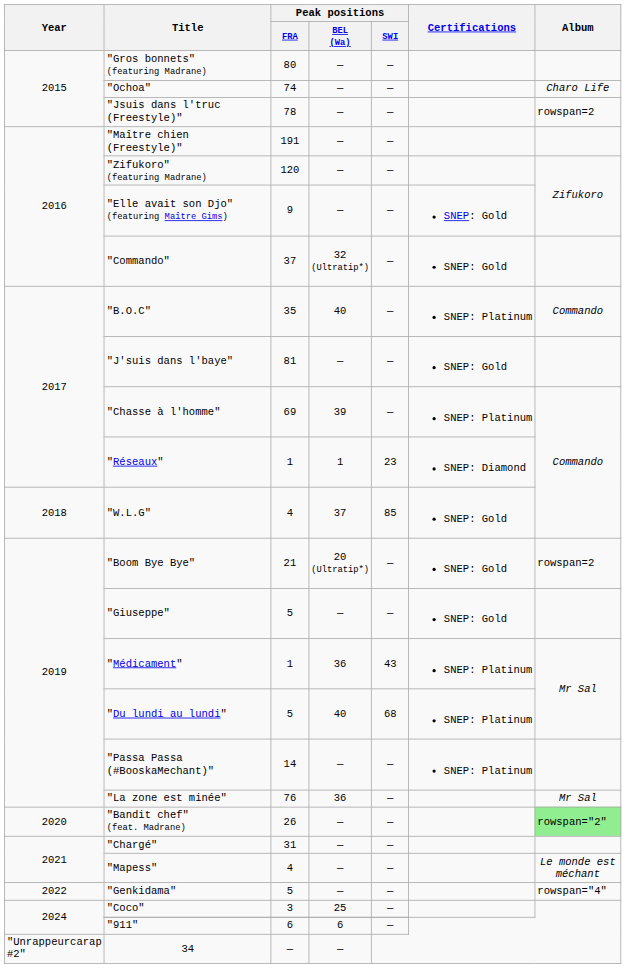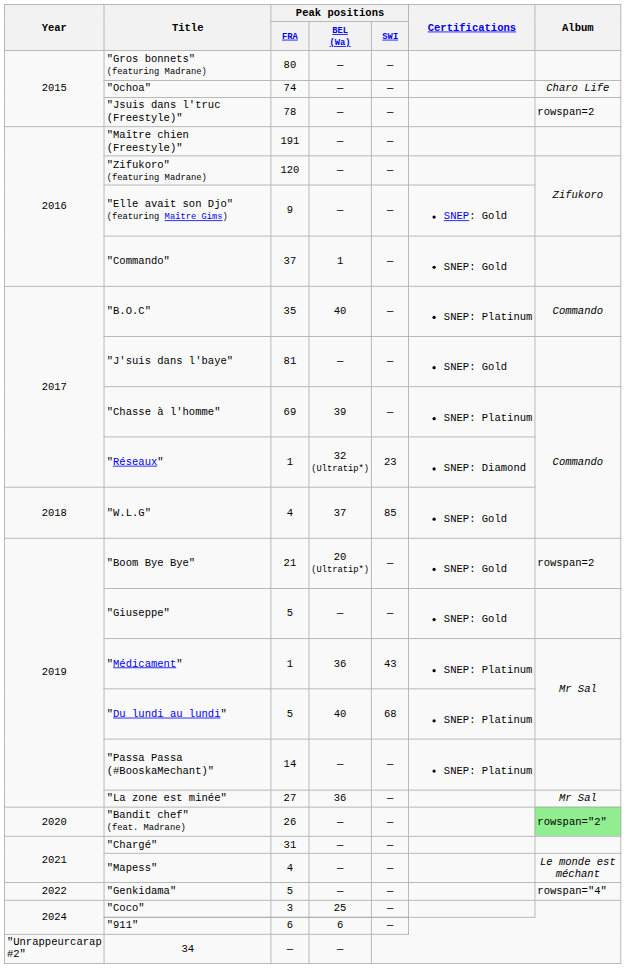 <table class="wikitable">
 <tr>
 <th rowspan="2" style="text-align:center; width:10px;">Year</th>
 <th rowspan="2" style="text-align:center; width:200px;">Title</th>
 <th style="text-align:center;" colspan="3">Peak positions</th>
 <th rowspan="2"><a href='#'>Certifications</a></th>
 <th rowspan="2" style="text-align:center; width:100px;">Album</th>
 </tr>
 <tr>
 <th width="40"><small><a href='#'>FRA</a></small><br></th>
 <th width="40"><small><a href='#'>BEL<br>(Wa)</a></small><br></th>
 <th width="40"><small><a href='#'>SWI</a></small><br></th>
 </tr>
 <tr>
 <td style="text-align:center;" rowspan=3>2015</td>
 <td>"Gros bonnets" <br><small>(featuring Madrane)</small></td>
 <td style="text-align:center;">80</td>
 <td style="text-align:center;">—</td>
 <td style="text-align:center;">—</td>
 <td></td>
 <td></td>
 </tr>
 <tr>
 <td>"Ochoa"</td>
 <td style="text-align:center;">74</td>
 <td style="text-align:center;">—</td>
 <td style="text-align:center;">—</td>
 <td></td>
 <td style="text-align:center;"><em>Charo Life</em></td>
 </tr>
 <tr>
 <td>"Jsuis dans l'truc (Freestyle)"</td>
 <td style="text-align:center;">78</td>
 <td style="text-align:center;">—</td>
 <td style="text-align:center;">—</td>
 <td></td>
 <td>rowspan=2 </td>
 </tr>
 <tr>
 <td style="text-align:center;" rowspan=4>2016</td>
 <td>"Maître chien (Freestyle)"</td>
 <td style="text-align:center;">191</td>
 <td style="text-align:center;">—</td>
 <td style="text-align:center;">—</td>
 <td></td>
 </tr>
 <tr>
 <td>"Zifukoro" <br><small>(featuring Madrane)</small></td>
 <td style="text-align:center;">120</td>
 <td style="text-align:center;">—</td>
 <td style="text-align:center;">—</td>
 <td></td>
 <td style="text-align:center;" rowspan=2><em>Zifukoro</em></td>
 </tr>
 <tr>
 <td>"Elle avait son Djo" <br><small>(featuring <a href='#'>Maître Gims</a>)</small></td>
 <td style="text-align:center;">9</td>
 <td style="text-align:center;">—</td>
 <td style="text-align:center;">—</td>
 <td><br><ul><li><a href='#'>SNEP</a>: Gold</li></ul></td>
 </tr>
 <tr>
 <td>"Commando"</td>
 <td style="text-align:center;">37</td>
-<td style="text-align:center;">32<br><small>(Ultratip*)</small></td>
+<td style="text-align:center;">1</td>
 <td style="text-align:center;">—</td>
 <td><br><ul><li>SNEP: Gold</li></ul></td>
 <td></td>
 </tr>
 <tr>
 <td style="text-align:center;" rowspan=4>2017</td>
 <td>"B.O.C"</td>
 <td style="text-align:center;">35</td>
 <td style="text-align:center;">40</td>
 <td style="text-align:center;">—</td>
 <td><br><ul><li>SNEP: Platinum</li></ul></td>
 <td style="text-align:center;"><em>Commando</em></td>
 </tr>
 <tr>
 <td>"J'suis dans l'baye"</td>
 <td style="text-align:center;">81</td>
 <td style="text-align:center;">—</td>
 <td style="text-align:center;">—</td>
 <td><br><ul><li>SNEP: Gold</li></ul></td>
 <td></td>
 </tr>
 <tr>
 <td>"Chasse à l'homme"</td>
 <td style="text-align:center;">69</td>
 <td style="text-align:center;">39</td>
 <td style="text-align:center;">—</td>
 <td><br><ul><li>SNEP: Platinum</li></ul></td>
 <td style="text-align:center;" rowspan=3><em>Commando</em></td>
 </tr>
 <tr>
 <td>"<a href='#'>Réseaux</a>"</td>
 <td style="text-align:center;">1</td>
-<td style="text-align:center;">1</td>
+<td style="text-align:center;">32<br><small>(Ultratip*)</small></td>
 <td style="text-align:center;">23</td>
 <td><br><ul><li>SNEP: Diamond</li></ul></td>
 </tr>
 <tr>
 <td style="text-align:center;">2018</td>
 <td>"W.L.G"</td>
 <td style="text-align:center;">4</td>
 <td style="text-align:center;">37</td>
 <td style="text-align:center;">85</td>
 <td><br><ul><li>SNEP: Gold</li></ul></td>
 </tr>
 <tr>
 <td style="text-align:center;" rowspan="6">2019</td>
 <td>"Boom Bye Bye"<br></td>
 <td style="text-align:center;">21</td>
 <td style="text-align:center;">20<br><small>(Ultratip*)</small></td>
 <td style="text-align:center;">—</td>
 <td><br><ul><li>SNEP: Gold</li></ul></td>
 <td>rowspan=2 </td>
 </tr>
 <tr>
 <td>"Giuseppe"</td>
 <td style="text-align:center;">5</td>
 <td style="text-align:center;">—</td>
 <td style="text-align:center;">—</td>
 <td><br><ul><li>SNEP: Gold</li></ul></td>
 </tr>
 <tr>
 <td>"<a href='#'>Médicament</a>"<br></td>
 <td style="text-align:center;">1</td>
 <td style="text-align:center;">36</td>
 <td style="text-align:center;">43</td>
 <td><br><ul><li>SNEP: Platinum</li></ul></td>
 <td style="text-align:center;" rowspan=2><em>Mr Sal</em></td>
 </tr>
 <tr>
 <td>"<a href='#'>Du lundi au lundi</a>"</td>
 <td style="text-align:center;">5</td>
 <td style="text-align:center;">40</td>
 <td style="text-align:center;">68</td>
 <td><br><ul><li>SNEP: Platinum</li></ul></td>
 </tr>
 <tr>
 <td>"Passa Passa (#BooskaMechant)"</td>
 <td style="text-align:center;">14</td>
 <td style="text-align:center;">—</td>
 <td style="text-align:center;">—</td>
 <td><br><ul><li>SNEP: Platinum</li></ul></td>
 <td></td>
 </tr>
 <tr>
 <td>"La zone est minée"</td>
-<td style="text-align:center;">76</td>
+<td style="text-align:center;">27</td>
 <td style="text-align:center;">36</td>
 <td style="text-align:center;">—</td>
 <td></td>
 <td style="text-align:center;"><em>Mr Sal</em></td>
 </tr>
 <tr>
 <td style="text-align:center;">2020</td>
 <td>"Bandit chef"<br><small>(feat. Madrane)</small></td>
 <td style="text-align:center;">26</td>
 <td style="text-align:center;">—</td>
 <td style="text-align:center;">—</td>
 <td></td>
 <td style="background: lightgreen;">rowspan="2" </td>
 </tr>
 <tr>
 <td style="text-align:center;" rowspan=2>2021</td>
 <td>"Chargé"</td>
 <td style="text-align:center;">31</td>
 <td style="text-align:center;">—</td>
 <td style="text-align:center;">—</td>
 <td></td>
 </tr>
 <tr>
 <td>"Mapess"</td>
 <td style="text-align:center;">4</td>
 <td style="text-align:center;">—</td>
 <td style="text-align:center;">—</td>
 <td></td>
 <td style="text-align:center;"><em>Le monde est méchant</em></td>
 </tr>
 <tr>
 <td style="text-align:center;">2022</td>
 <td>"Genkidama"</td>
 <td style="text-align:center;">5</td>
 <td style="text-align:center;">—</td>
 <td style="text-align:center;">—</td>
 <td></td>
 <td>rowspan="4" </td>
 </tr>
 <tr>
 <td style="text-align:center;" rowspan=3>2024</td>
 <td>"Coco"<br></td>
 <td style="text-align:center;">3</td>
 <td style="text-align:center;">25</td>
 <td style="text-align:center;">—</td>
 <td></td>
 </tr>
 <tr>
 </tr>
 <tr>
 <td>"911"<br></td>
 <td style="text-align:center;">6</td>
 <td style="text-align:center;">6</td>
 <td style="text-align:center;">—</td>
 </tr>
 <tr>
 <td>"Unrappeurcarap #2"<br></td>
 <td style="text-align:center;">34</td>
 <td style="text-align:center;">—</td>
 <td style="text-align:center;">—</td>
 </tr>
 </table>
